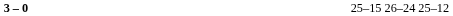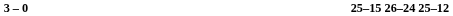 <table width=100% cellspacing=1>
 <tr>
 <th width=20%></th>
 <th width=12%></th>
 <th width=20%></th>
 <th width=33%></th>
 <td></td>
 </tr>
 <tr style=font-size:95%>
 <td align=right><strong></strong></td>
 <td align=center><strong>3 – 0</strong></td>
 <td></td>
-<td>25–15 26–24 25–12</td>
+<td><strong>25–15 26–24 25–12</strong></td>
 </tr>
 </table>
